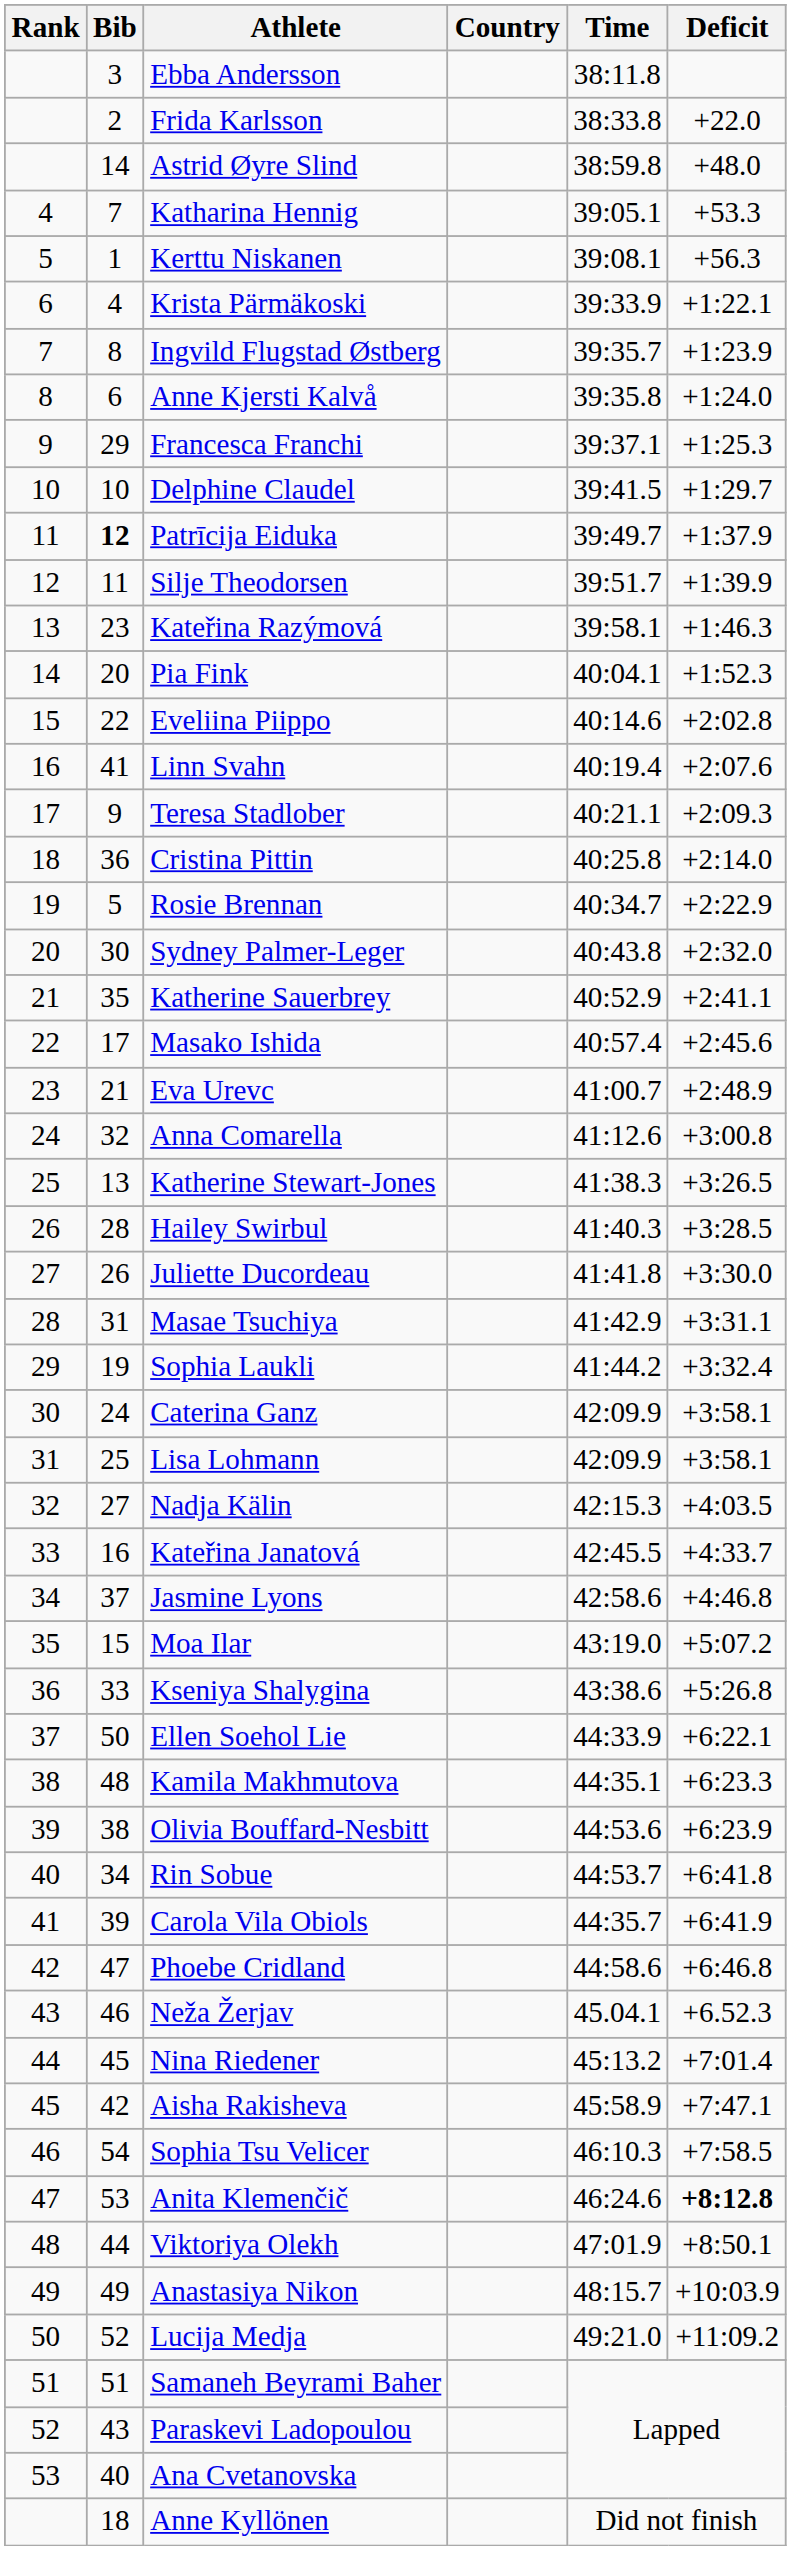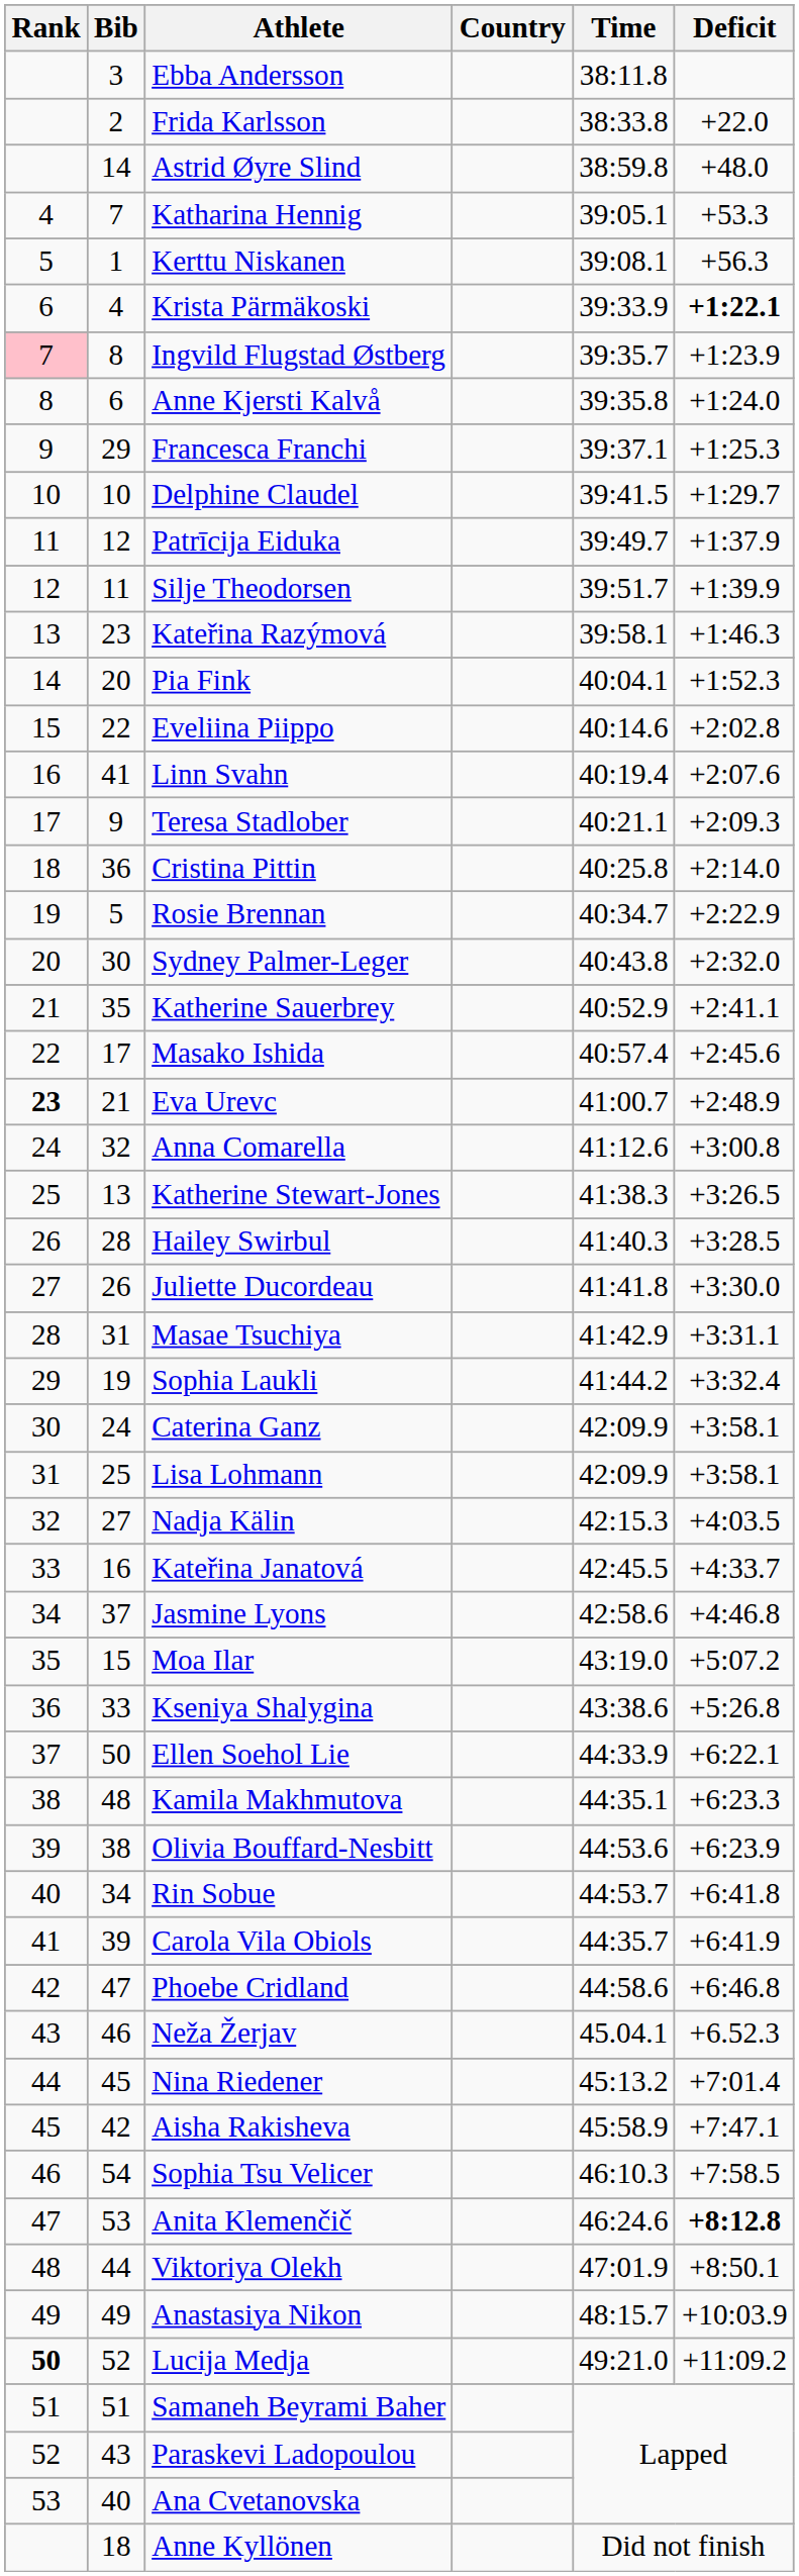 <table class="wikitable sortable" style="text-align:center">
 <tr>
 <th>Rank</th>
 <th>Bib</th>
 <th>Athlete</th>
 <th>Country</th>
 <th>Time</th>
 <th>Deficit</th>
 </tr>
 <tr>
 <td></td>
 <td>3</td>
 <td align=left><a href='#'>Ebba Andersson</a></td>
 <td align=left></td>
 <td>38:11.8</td>
 <td></td>
 </tr>
 <tr>
 <td></td>
 <td>2</td>
 <td align=left><a href='#'>Frida Karlsson</a></td>
 <td align=left></td>
 <td>38:33.8</td>
 <td>+22.0</td>
 </tr>
 <tr>
 <td></td>
 <td>14</td>
 <td align=left><a href='#'>Astrid Øyre Slind</a></td>
 <td align=left></td>
 <td>38:59.8</td>
 <td>+48.0</td>
 </tr>
 <tr>
 <td>4</td>
 <td>7</td>
 <td align=left><a href='#'>Katharina Hennig</a></td>
 <td align=left></td>
 <td>39:05.1</td>
 <td>+53.3</td>
 </tr>
 <tr>
 <td>5</td>
 <td>1</td>
 <td align=left><a href='#'>Kerttu Niskanen</a></td>
 <td align=left></td>
 <td>39:08.1</td>
 <td>+56.3</td>
 </tr>
 <tr>
 <td>6</td>
 <td>4</td>
 <td align=left><a href='#'>Krista Pärmäkoski</a></td>
 <td align=left></td>
 <td>39:33.9</td>
-<td>+1:22.1</td>
+<td><strong>+1:22.1</strong></td>
 </tr>
 <tr>
-<td>7</td>
+<td style="background: pink;">7</td>
 <td>8</td>
 <td align=left><a href='#'>Ingvild Flugstad Østberg</a></td>
 <td align=left></td>
 <td>39:35.7</td>
 <td>+1:23.9</td>
 </tr>
 <tr>
 <td>8</td>
 <td>6</td>
 <td align=left><a href='#'>Anne Kjersti Kalvå</a></td>
 <td align=left></td>
 <td>39:35.8</td>
 <td>+1:24.0</td>
 </tr>
 <tr>
 <td>9</td>
 <td>29</td>
 <td align=left><a href='#'>Francesca Franchi</a></td>
 <td align=left></td>
 <td>39:37.1</td>
 <td>+1:25.3</td>
 </tr>
 <tr>
 <td>10</td>
 <td>10</td>
 <td align=left><a href='#'>Delphine Claudel</a></td>
 <td align=left></td>
 <td>39:41.5</td>
 <td>+1:29.7</td>
 </tr>
 <tr>
 <td>11</td>
-<td><strong>12</strong></td>
+<td>12</td>
 <td align=left><a href='#'>Patrīcija Eiduka</a></td>
 <td align=left></td>
 <td>39:49.7</td>
 <td>+1:37.9</td>
 </tr>
 <tr>
 <td>12</td>
 <td>11</td>
 <td align=left><a href='#'>Silje Theodorsen</a></td>
 <td align=left></td>
 <td>39:51.7</td>
 <td>+1:39.9</td>
 </tr>
 <tr>
 <td>13</td>
 <td>23</td>
 <td align=left><a href='#'>Kateřina Razýmová</a></td>
 <td align=left></td>
 <td>39:58.1</td>
 <td>+1:46.3</td>
 </tr>
 <tr>
 <td>14</td>
 <td>20</td>
 <td align=left><a href='#'>Pia Fink</a></td>
 <td align=left></td>
 <td>40:04.1</td>
 <td>+1:52.3</td>
 </tr>
 <tr>
 <td>15</td>
 <td>22</td>
 <td align=left><a href='#'>Eveliina Piippo</a></td>
 <td align=left></td>
 <td>40:14.6</td>
 <td>+2:02.8</td>
 </tr>
 <tr>
 <td>16</td>
 <td>41</td>
 <td align=left><a href='#'>Linn Svahn</a></td>
 <td align=left></td>
 <td>40:19.4</td>
 <td>+2:07.6</td>
 </tr>
 <tr>
 <td>17</td>
 <td>9</td>
 <td align=left><a href='#'>Teresa Stadlober</a></td>
 <td align=left></td>
 <td>40:21.1</td>
 <td>+2:09.3</td>
 </tr>
 <tr>
 <td>18</td>
 <td>36</td>
 <td align=left><a href='#'>Cristina Pittin</a></td>
 <td align=left></td>
 <td>40:25.8</td>
 <td>+2:14.0</td>
 </tr>
 <tr>
 <td>19</td>
 <td>5</td>
 <td align=left><a href='#'>Rosie Brennan</a></td>
 <td align=left></td>
 <td>40:34.7</td>
 <td>+2:22.9</td>
 </tr>
 <tr>
 <td>20</td>
 <td>30</td>
 <td align=left><a href='#'>Sydney Palmer-Leger</a></td>
 <td align=left></td>
 <td>40:43.8</td>
 <td>+2:32.0</td>
 </tr>
 <tr>
 <td>21</td>
 <td>35</td>
 <td align=left><a href='#'>Katherine Sauerbrey</a></td>
 <td align=left></td>
 <td>40:52.9</td>
 <td>+2:41.1</td>
 </tr>
 <tr>
 <td>22</td>
 <td>17</td>
 <td align=left><a href='#'>Masako Ishida</a></td>
 <td align=left></td>
 <td>40:57.4</td>
 <td>+2:45.6</td>
 </tr>
 <tr>
-<td>23</td>
+<td><strong>23</strong></td>
 <td>21</td>
 <td align=left><a href='#'>Eva Urevc</a></td>
 <td align=left></td>
 <td>41:00.7</td>
 <td>+2:48.9</td>
 </tr>
 <tr>
 <td>24</td>
 <td>32</td>
 <td align=left><a href='#'>Anna Comarella</a></td>
 <td align=left></td>
 <td>41:12.6</td>
 <td>+3:00.8</td>
 </tr>
 <tr>
 <td>25</td>
 <td>13</td>
 <td align=left><a href='#'>Katherine Stewart-Jones</a></td>
 <td align=left></td>
 <td>41:38.3</td>
 <td>+3:26.5</td>
 </tr>
 <tr>
 <td>26</td>
 <td>28</td>
 <td align=left><a href='#'>Hailey Swirbul</a></td>
 <td align=left></td>
 <td>41:40.3</td>
 <td>+3:28.5</td>
 </tr>
 <tr>
 <td>27</td>
 <td>26</td>
 <td align=left><a href='#'>Juliette Ducordeau</a></td>
 <td align=left></td>
 <td>41:41.8</td>
 <td>+3:30.0</td>
 </tr>
 <tr>
 <td>28</td>
 <td>31</td>
 <td align=left><a href='#'>Masae Tsuchiya</a></td>
 <td align=left></td>
 <td>41:42.9</td>
 <td>+3:31.1</td>
 </tr>
 <tr>
 <td>29</td>
 <td>19</td>
 <td align=left><a href='#'>Sophia Laukli</a></td>
 <td align=left></td>
 <td>41:44.2</td>
 <td>+3:32.4</td>
 </tr>
 <tr>
 <td>30</td>
 <td>24</td>
 <td align=left><a href='#'>Caterina Ganz</a></td>
 <td align=left></td>
 <td>42:09.9</td>
 <td>+3:58.1</td>
 </tr>
 <tr>
 <td>31</td>
 <td>25</td>
 <td align=left><a href='#'>Lisa Lohmann</a></td>
 <td align=left></td>
 <td>42:09.9</td>
 <td>+3:58.1</td>
 </tr>
 <tr>
 <td>32</td>
 <td>27</td>
 <td align=left><a href='#'>Nadja Kälin</a></td>
 <td align=left></td>
 <td>42:15.3</td>
 <td>+4:03.5</td>
 </tr>
 <tr>
 <td>33</td>
 <td>16</td>
 <td align=left><a href='#'>Kateřina Janatová</a></td>
 <td align=left></td>
 <td>42:45.5</td>
 <td>+4:33.7</td>
 </tr>
 <tr>
 <td>34</td>
 <td>37</td>
 <td align=left><a href='#'>Jasmine Lyons</a></td>
 <td align=left></td>
 <td>42:58.6</td>
 <td>+4:46.8</td>
 </tr>
 <tr>
 <td>35</td>
 <td>15</td>
 <td align=left><a href='#'>Moa Ilar</a></td>
 <td align=left></td>
 <td>43:19.0</td>
 <td>+5:07.2</td>
 </tr>
 <tr>
 <td>36</td>
 <td>33</td>
 <td align=left><a href='#'>Kseniya Shalygina</a></td>
 <td align=left></td>
 <td>43:38.6</td>
 <td>+5:26.8</td>
 </tr>
 <tr>
 <td>37</td>
 <td>50</td>
 <td align=left><a href='#'>Ellen Soehol Lie</a></td>
 <td align=left></td>
 <td>44:33.9</td>
 <td>+6:22.1</td>
 </tr>
 <tr>
 <td>38</td>
 <td>48</td>
 <td align=left><a href='#'>Kamila Makhmutova</a></td>
 <td align=left></td>
 <td>44:35.1</td>
 <td>+6:23.3</td>
 </tr>
 <tr>
 <td>39</td>
 <td>38</td>
 <td align=left><a href='#'>Olivia Bouffard-Nesbitt</a></td>
 <td align=left></td>
 <td>44:53.6</td>
 <td>+6:23.9</td>
 </tr>
 <tr>
 <td>40</td>
 <td>34</td>
 <td align=left><a href='#'>Rin Sobue</a></td>
 <td align=left></td>
 <td>44:53.7</td>
 <td>+6:41.8</td>
 </tr>
 <tr>
 <td>41</td>
 <td>39</td>
 <td align=left><a href='#'>Carola Vila Obiols</a></td>
 <td align=left></td>
 <td>44:35.7</td>
 <td>+6:41.9</td>
 </tr>
 <tr>
 <td>42</td>
 <td>47</td>
 <td align=left><a href='#'>Phoebe Cridland</a></td>
 <td align=left></td>
 <td>44:58.6</td>
 <td>+6:46.8</td>
 </tr>
 <tr>
 <td>43</td>
 <td>46</td>
 <td align=left><a href='#'>Neža Žerjav</a></td>
 <td align=left></td>
 <td>45.04.1</td>
 <td>+6.52.3</td>
 </tr>
 <tr>
 <td>44</td>
 <td>45</td>
 <td align=left><a href='#'>Nina Riedener</a></td>
 <td align=left></td>
 <td>45:13.2</td>
 <td>+7:01.4</td>
 </tr>
 <tr>
 <td>45</td>
 <td>42</td>
 <td align=left><a href='#'>Aisha Rakisheva</a></td>
 <td align=left></td>
 <td>45:58.9</td>
 <td>+7:47.1</td>
 </tr>
 <tr>
 <td>46</td>
 <td>54</td>
 <td align=left><a href='#'>Sophia Tsu Velicer</a></td>
 <td align=left></td>
 <td>46:10.3</td>
 <td>+7:58.5</td>
 </tr>
 <tr>
 <td>47</td>
 <td>53</td>
 <td align=left><a href='#'>Anita Klemenčič</a></td>
 <td align=left></td>
 <td>46:24.6</td>
 <td><strong>+8:12.8</strong></td>
 </tr>
 <tr>
 <td>48</td>
 <td>44</td>
 <td align=left><a href='#'>Viktoriya Olekh</a></td>
 <td align=left></td>
 <td>47:01.9</td>
 <td>+8:50.1</td>
 </tr>
 <tr>
 <td>49</td>
 <td>49</td>
 <td align=left><a href='#'>Anastasiya Nikon</a></td>
 <td align=left></td>
 <td>48:15.7</td>
 <td>+10:03.9</td>
 </tr>
 <tr>
-<td>50</td>
+<td><strong>50</strong></td>
 <td>52</td>
 <td align=left><a href='#'>Lucija Medja</a></td>
 <td align=left></td>
 <td>49:21.0</td>
 <td>+11:09.2</td>
 </tr>
 <tr>
 <td>51</td>
 <td>51</td>
 <td align=left><a href='#'>Samaneh Beyrami Baher</a></td>
 <td align=left></td>
 <td rowspan=3 colspan=2>Lapped</td>
 </tr>
 <tr>
 <td>52</td>
 <td>43</td>
 <td align=left><a href='#'>Paraskevi Ladopoulou</a></td>
 <td align=left></td>
 </tr>
 <tr>
 <td>53</td>
 <td>40</td>
 <td align=left><a href='#'>Ana Cvetanovska</a></td>
 <td align=left></td>
 </tr>
 <tr>
 <td></td>
 <td>18</td>
 <td align=left><a href='#'>Anne Kyllönen</a></td>
 <td align=left></td>
 <td colspan=2>Did not finish</td>
 </tr>
 </table>
